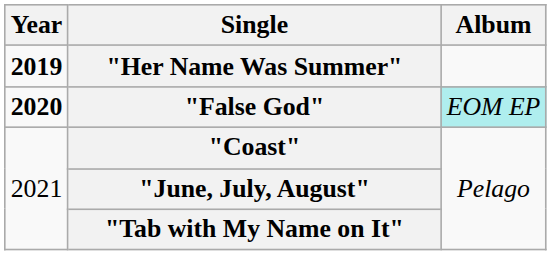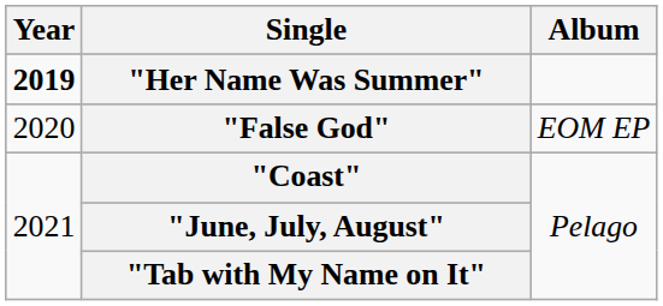 <table class="wikitable plainrowheaders" style="text-align:center;">
 <tr>
 <th>Year</th>
 <th style="width:14em;">Single</th>
 <th>Album</th>
 </tr>
 <tr>
 <td><strong>2019</strong></td>
 <th scope="row">"Her Name Was Summer"</th>
 <td></td>
 </tr>
 <tr>
-<td><strong>2020</strong></td>
+<td>2020</td>
 <th scope="row">"False God"</th>
-<td style="background: paleturquoise;"><em>EOM EP</em></td>
+<td><em>EOM EP</em></td>
 </tr>
 <tr>
 <td rowspan="3">2021</td>
 <th scope="row">"Coast"</th>
 <td rowspan="3"><em>Pelago</em></td>
 </tr>
 <tr>
 <th scope="row">"June, July, August"</th>
 </tr>
 <tr>
 <th scope="row">"Tab with My Name on It"</th>
 </tr>
 </table>
